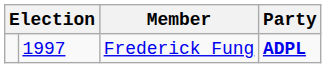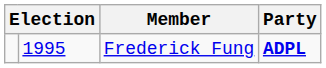 <table class="wikitable">
 <tr>
 <th colspan="2">Election</th>
 <th>Member</th>
 <th>Party</th>
 </tr>
 <tr>
 <td style="background-color: "></td>
-<td><a href='#'>1997</a></td>
+<td><a href='#'>1995</a></td>
 <td><a href='#'>Frederick Fung</a></td>
 <td><strong><a href='#'>ADPL</a></strong></td>
 </tr>
 </table>
